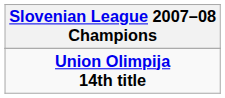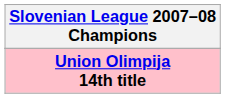 <table class="wikitable" style="text-align: center; margin: 0 auto;">
 <tr>
 <th><a href='#'>Slovenian League</a> 2007–08<br>Champions</th>
 </tr>
 <tr>
 </tr>
 <tr>
-<td><strong><a href='#'>Union Olimpija</a></strong><br><strong>14th title</strong></td>
+<td style="background: pink;"><strong><a href='#'>Union Olimpija</a></strong><br><strong>14th title</strong></td>
 </tr>
 </table>
